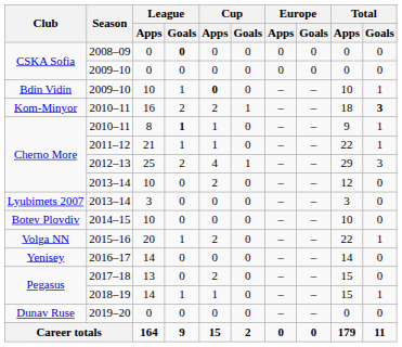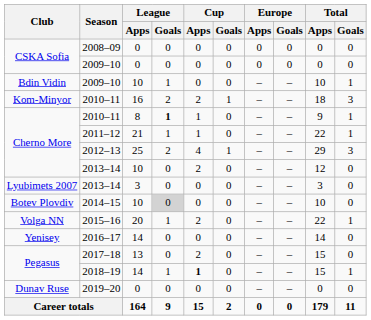 <table class="wikitable" style="text-align: center;">
 <tr>
 <th rowspan="2">Club</th>
 <th rowspan="2">Season</th>
 <th colspan="2">League</th>
 <th colspan="2">Cup</th>
 <th colspan="2">Europe</th>
 <th colspan="2">Total</th>
 </tr>
 <tr>
 <th>Apps</th>
 <th>Goals</th>
 <th>Apps</th>
 <th>Goals</th>
 <th>Apps</th>
 <th>Goals</th>
 <th>Apps</th>
 <th>Goals</th>
 </tr>
 <tr>
 <td rowspan="2" valign="center"><a href='#'>CSKA Sofia</a></td>
 <td>2008–09</td>
 <td>0</td>
-<td><strong>0</strong></td>
+<td>0</td>
 <td>0</td>
 <td>0</td>
 <td>0</td>
 <td>0</td>
 <td>0</td>
 <td>0</td>
 </tr>
 <tr>
 <td>2009–10</td>
 <td>0</td>
 <td>0</td>
 <td>0</td>
 <td>0</td>
 <td>0</td>
 <td>0</td>
 <td>0</td>
 <td>0</td>
 </tr>
 <tr>
 <td rowspan="1" valign="center"><a href='#'>Bdin Vidin</a></td>
 <td>2009–10</td>
 <td>10</td>
 <td>1</td>
-<td><strong>0</strong></td>
+<td>0</td>
 <td>0</td>
 <td>–</td>
 <td>–</td>
 <td>10</td>
 <td>1</td>
 </tr>
 <tr>
 <td rowspan="1" valign="center"><a href='#'>Kom-Minyor</a></td>
 <td>2010–11</td>
 <td>16</td>
 <td>2</td>
 <td>2</td>
 <td>1</td>
 <td>–</td>
 <td>–</td>
 <td>18</td>
-<td><strong>3</strong></td>
+<td>3</td>
 </tr>
 <tr>
 <td rowspan="4" valign="center"><a href='#'>Cherno More</a></td>
 <td>2010–11</td>
 <td>8</td>
 <td><strong>1</strong></td>
 <td>1</td>
 <td>0</td>
 <td>–</td>
 <td>–</td>
 <td>9</td>
 <td>1</td>
 </tr>
 <tr>
 <td>2011–12</td>
 <td>21</td>
 <td>1</td>
 <td>1</td>
 <td>0</td>
 <td>–</td>
 <td>–</td>
 <td>22</td>
 <td>1</td>
 </tr>
 <tr>
 <td>2012–13</td>
 <td>25</td>
 <td>2</td>
 <td>4</td>
 <td>1</td>
 <td>–</td>
 <td>–</td>
 <td>29</td>
 <td>3</td>
 </tr>
 <tr>
 <td>2013–14</td>
 <td>10</td>
 <td>0</td>
 <td>2</td>
 <td>0</td>
 <td>–</td>
 <td>–</td>
 <td>12</td>
 <td>0</td>
 </tr>
 <tr>
 <td rowspan="1" valign="center"><a href='#'>Lyubimets 2007</a></td>
 <td>2013–14</td>
 <td>3</td>
 <td>0</td>
 <td>0</td>
 <td>0</td>
 <td>–</td>
 <td>–</td>
 <td>3</td>
 <td>0</td>
 </tr>
 <tr>
 <td rowspan="1" valign="center"><a href='#'>Botev Plovdiv</a></td>
 <td>2014–15</td>
 <td>10</td>
-<td>0</td>
+<td style="background: lightgrey;">0</td>
 <td>0</td>
 <td>0</td>
 <td>–</td>
 <td>–</td>
 <td>10</td>
 <td>0</td>
 </tr>
 <tr>
 <td rowspan="1" valign="center"><a href='#'>Volga NN</a></td>
 <td>2015–16</td>
 <td>20</td>
 <td>1</td>
 <td>2</td>
 <td>0</td>
 <td>–</td>
 <td>–</td>
 <td>22</td>
 <td>1</td>
 </tr>
 <tr>
 <td rowspan="1" valign="center"><a href='#'>Yenisey</a></td>
 <td>2016–17</td>
 <td>14</td>
 <td>0</td>
 <td>0</td>
 <td>0</td>
 <td>–</td>
 <td>–</td>
 <td>14</td>
 <td>0</td>
 </tr>
 <tr>
 <td rowspan="2" valign="center"><a href='#'>Pegasus</a></td>
 <td>2017–18</td>
 <td>13</td>
 <td>0</td>
 <td>2</td>
 <td>0</td>
 <td>–</td>
 <td>–</td>
 <td>15</td>
 <td>0</td>
 </tr>
 <tr>
 <td>2018–19</td>
 <td>14</td>
 <td>1</td>
-<td>1</td>
+<td><strong>1</strong></td>
 <td>0</td>
 <td>–</td>
 <td>–</td>
 <td>15</td>
 <td>1</td>
 </tr>
 <tr>
 <td rowspan="1" valign="center"><a href='#'>Dunav Ruse</a></td>
 <td>2019–20</td>
 <td>0</td>
 <td>0</td>
 <td>0</td>
 <td>0</td>
 <td>–</td>
 <td>–</td>
 <td>0</td>
 <td>0</td>
 </tr>
 <tr>
 <th colspan="2"><strong>Career totals</strong></th>
 <td><strong>164</strong></td>
 <td><strong>9</strong></td>
 <td><strong>15</strong></td>
 <td><strong>2</strong></td>
 <td><strong>0</strong></td>
 <td><strong>0</strong></td>
 <td><strong>179</strong></td>
 <td><strong>11</strong></td>
 </tr>
 </table>
